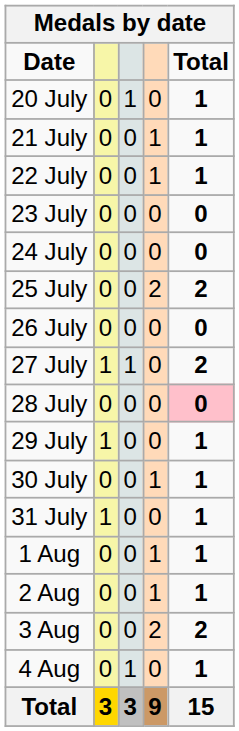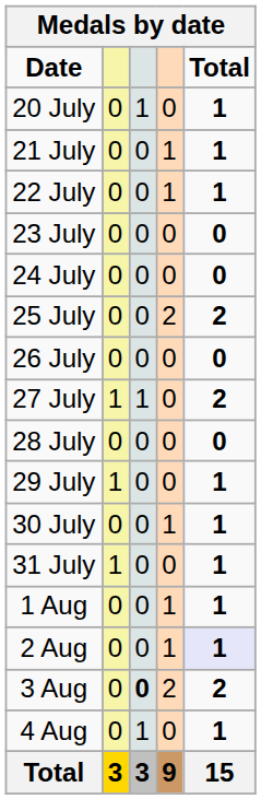 <table class="wikitable" style="font-size:85%; float:right">
 <tr bgcolor="#efefef">
 <th colspan=6>Medals by date</th>
 </tr>
 <tr align=center>
 <td><strong>Date</strong></td>
 <td bgcolor=#f7f6a8></td>
 <td bgcolor=#dce5e5></td>
 <td bgcolor=#ffdab9></td>
 <td><strong>Total</strong></td>
 </tr>
 <tr align=center>
 <td>20 July</td>
 <td style="background:#F7F6A8;">0</td>
 <td style="background:#DCE5E5;">1</td>
 <td style="background:#FFDAB9;">0</td>
 <td><strong>1</strong></td>
 </tr>
 <tr align=center>
 <td>21 July</td>
 <td style="background:#F7F6A8;">0</td>
 <td style="background:#DCE5E5;">0</td>
 <td style="background:#FFDAB9;">1</td>
 <td><strong>1</strong></td>
 </tr>
 <tr align=center>
 <td>22 July</td>
 <td style="background:#F7F6A8;">0</td>
 <td style="background:#DCE5E5;">0</td>
 <td style="background:#FFDAB9;">1</td>
 <td><strong>1</strong></td>
 </tr>
 <tr align=center>
 <td>23 July</td>
 <td style="background:#F7F6A8;">0</td>
 <td style="background:#DCE5E5;">0</td>
 <td style="background:#FFDAB9;">0</td>
 <td><strong>0</strong></td>
 </tr>
 <tr align=center>
 <td>24 July</td>
 <td style="background:#F7F6A8;">0</td>
 <td style="background:#DCE5E5;">0</td>
 <td style="background:#FFDAB9;">0</td>
 <td><strong>0</strong></td>
 </tr>
 <tr align=center>
 <td>25 July</td>
 <td style="background:#F7F6A8;">0</td>
 <td style="background:#DCE5E5;">0</td>
 <td style="background:#FFDAB9;">2</td>
 <td><strong>2</strong></td>
 </tr>
 <tr align=center>
 <td>26 July</td>
 <td style="background:#F7F6A8;">0</td>
 <td style="background:#DCE5E5;">0</td>
 <td style="background:#FFDAB9;">0</td>
 <td><strong>0</strong></td>
 </tr>
 <tr align=center>
 <td>27 July</td>
 <td style="background:#F7F6A8;">1</td>
 <td style="background:#DCE5E5;">1</td>
 <td style="background:#FFDAB9;">0</td>
 <td><strong>2</strong></td>
 </tr>
 <tr align=center>
 <td>28 July</td>
 <td style="background:#F7F6A8;">0</td>
 <td style="background:#DCE5E5;">0</td>
 <td style="background:#FFDAB9;">0</td>
-<td style="background: pink;"><strong>0</strong></td>
+<td><strong>0</strong></td>
 </tr>
 <tr align=center>
 <td>29 July</td>
 <td style="background:#F7F6A8;">1</td>
 <td style="background:#DCE5E5;">0</td>
 <td style="background:#FFDAB9;">0</td>
 <td><strong>1</strong></td>
 </tr>
 <tr align=center>
 <td>30 July</td>
 <td style="background:#F7F6A8;">0</td>
 <td style="background:#DCE5E5;">0</td>
 <td style="background:#FFDAB9;">1</td>
 <td><strong>1</strong></td>
 </tr>
 <tr align=center>
 <td>31 July</td>
 <td style="background:#F7F6A8;">1</td>
 <td style="background:#DCE5E5;">0</td>
 <td style="background:#FFDAB9;">0</td>
 <td><strong>1</strong></td>
 </tr>
 <tr align=center>
 <td>1  Aug</td>
 <td style="background:#F7F6A8;">0</td>
 <td style="background:#DCE5E5;">0</td>
 <td style="background:#FFDAB9;">1</td>
 <td><strong>1</strong></td>
 </tr>
 <tr align=center>
 <td>2  Aug</td>
 <td style="background:#F7F6A8;">0</td>
 <td style="background:#DCE5E5;">0</td>
 <td style="background:#FFDAB9;">1</td>
-<td><strong>1</strong></td>
+<td style="background: lavender;"><strong>1</strong></td>
 </tr>
 <tr align=center>
 <td>3  Aug</td>
 <td style="background:#F7F6A8;">0</td>
-<td style="background:#DCE5E5;">0</td>
+<td style="background:#DCE5E5;"><strong>0</strong></td>
 <td style="background:#FFDAB9;">2</td>
 <td><strong>2</strong></td>
 </tr>
 <tr align=center>
 <td>4 Aug</td>
 <td style="background:#F7F6A8;">0</td>
 <td style="background:#DCE5E5;">1</td>
 <td style="background:#FFDAB9;">0</td>
 <td><strong>1</strong></td>
 </tr>
 <tr align=center>
 <th>Total</th>
 <th style="background:gold;">3</th>
 <th style="background:silver;">3</th>
 <th style="background:#c96;">9</th>
 <th>15</th>
 </tr>
 </table>
